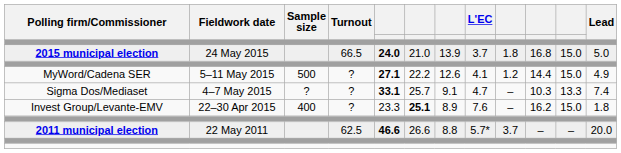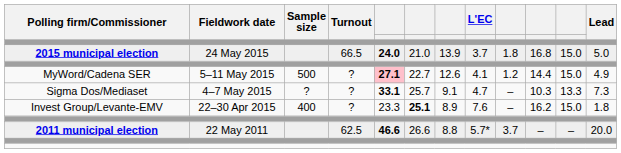 <table class="wikitable collapsible collapsed" style="text-align:center; font-size:95%; line-height:16px;">
 <tr style="height:42px;">
 <th style="width:250px;" rowspan="2">Polling firm/Commissioner</th>
 <th style="width:125px;" rowspan="2">Fieldwork date</th>
 <th style="width:50px;" rowspan="2">Sample size</th>
 <th style="width:45px;" rowspan="2">Turnout</th>
 <th style="width:35px;"></th>
 <th style="width:35px;"></th>
 <th style="width:35px;"></th>
 <th style="width:35px;"><a href='#'>L'EC</a></th>
 <th style="width:35px;"></th>
 <th style="width:35px;"></th>
 <th style="width:35px;"></th>
 <th style="width:30px;" rowspan="2">Lead</th>
 </tr>
 <tr>
 <th style="color:inherit;background:"></th>
 <th style="color:inherit;background:"></th>
 <th style="color:inherit;background:"></th>
 <th style="color:inherit;background:"></th>
 <th style="color:inherit;background:"></th>
 <th style="color:inherit;background:"></th>
 <th style="color:inherit;background:"></th>
 </tr>
 <tr>
 <td colspan="12" style="background:#A0A0A0"></td>
 </tr>
 <tr style="background:#EFEFEF;">
 <td><strong><a href='#'>2015 municipal election</a></strong></td>
 <td>24 May 2015</td>
 <td></td>
 <td>66.5</td>
 <td><strong>24.0</strong><br></td>
 <td>21.0<br></td>
 <td>13.9<br></td>
 <td>3.7<br></td>
 <td>1.8<br></td>
 <td>16.8<br></td>
 <td>15.0<br></td>
 <td style="background:">5.0</td>
 </tr>
 <tr>
 <td colspan="12" style="background:#A0A0A0"></td>
 </tr>
 <tr>
 <td>MyWord/Cadena SER</td>
 <td>5–11 May 2015</td>
 <td>500</td>
 <td>?</td>
-<td><strong>27.1</strong><br></td>
-<td>22.2<br></td>
+<td style="background: pink;"><strong>27.1</strong><br></td>
+<td>22.7<br></td>
 <td>12.6<br></td>
 <td>4.1<br></td>
 <td>1.2<br></td>
 <td>14.4<br></td>
 <td>15.0<br></td>
 <td style="background:">4.9</td>
 </tr>
 <tr>
 <td>Sigma Dos/Mediaset</td>
 <td>4–7 May 2015</td>
 <td>?</td>
 <td>?</td>
 <td><strong>33.1</strong><br></td>
 <td>25.7<br></td>
 <td>9.1<br></td>
 <td>4.7<br></td>
 <td>–</td>
 <td>10.3<br></td>
 <td>13.3<br></td>
-<td style="background:">7.4</td>
+<td style="background:">7.3</td>
 </tr>
 <tr>
 <td>Invest Group/Levante-EMV</td>
 <td>22–30 Apr 2015</td>
 <td>400</td>
 <td>?</td>
 <td>23.3<br></td>
 <td><strong>25.1</strong><br></td>
 <td>8.9<br></td>
 <td>7.6<br></td>
 <td>–</td>
 <td>16.2<br></td>
 <td>15.0<br></td>
 <td style="background:">1.8</td>
 </tr>
 <tr>
 <td colspan="12" style="background:#A0A0A0"></td>
 </tr>
 <tr style="background:#EFEFEF;">
 <td><strong><a href='#'>2011 municipal election</a></strong></td>
 <td>22 May 2011</td>
 <td></td>
 <td>62.5</td>
 <td><strong>46.6</strong><br></td>
 <td>26.6<br></td>
 <td>8.8<br></td>
 <td>5.7*<br></td>
 <td>3.7<br></td>
 <td>–</td>
 <td>–</td>
 <td style="background:">20.0</td>
 </tr>
 <tr>
 <td colspan="12" style="background:#A0A0A0"></td>
 </tr>
 <tr>
 <td align="left" colspan="12"></td>
 </tr>
 </table>
